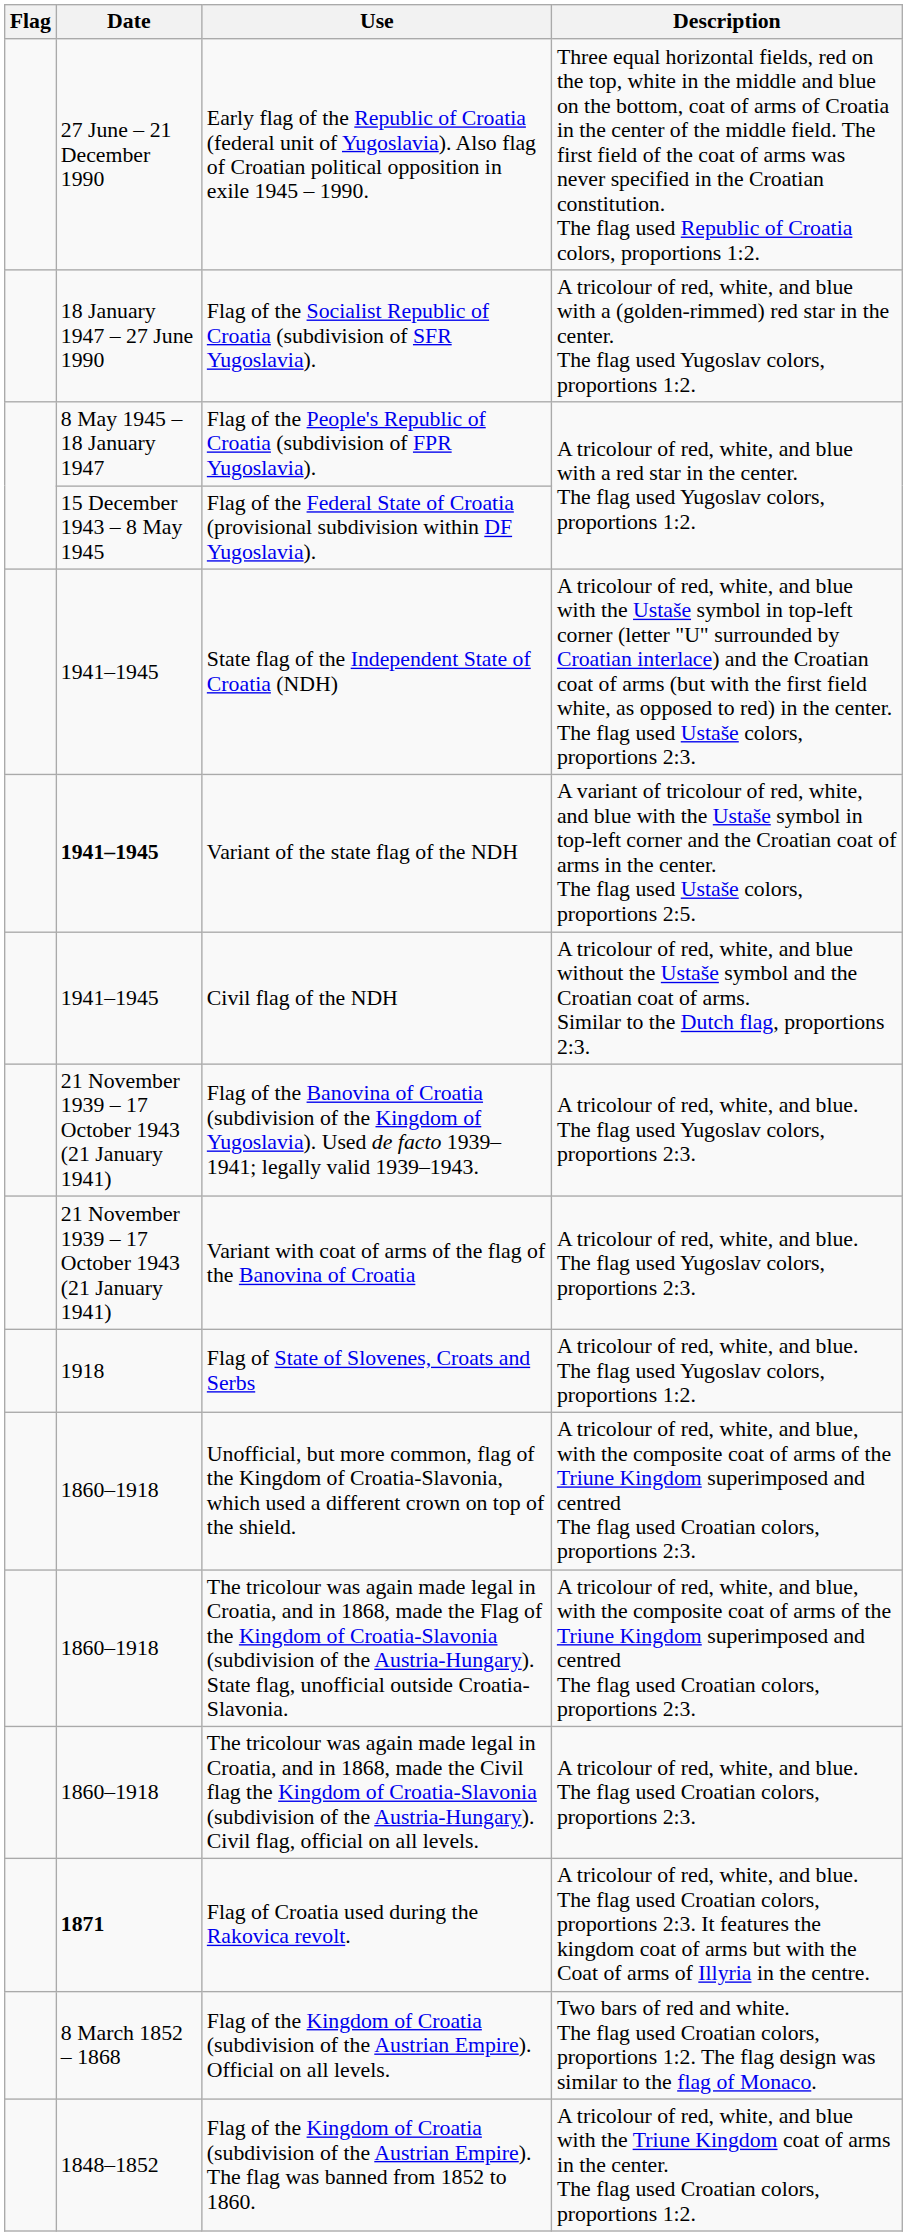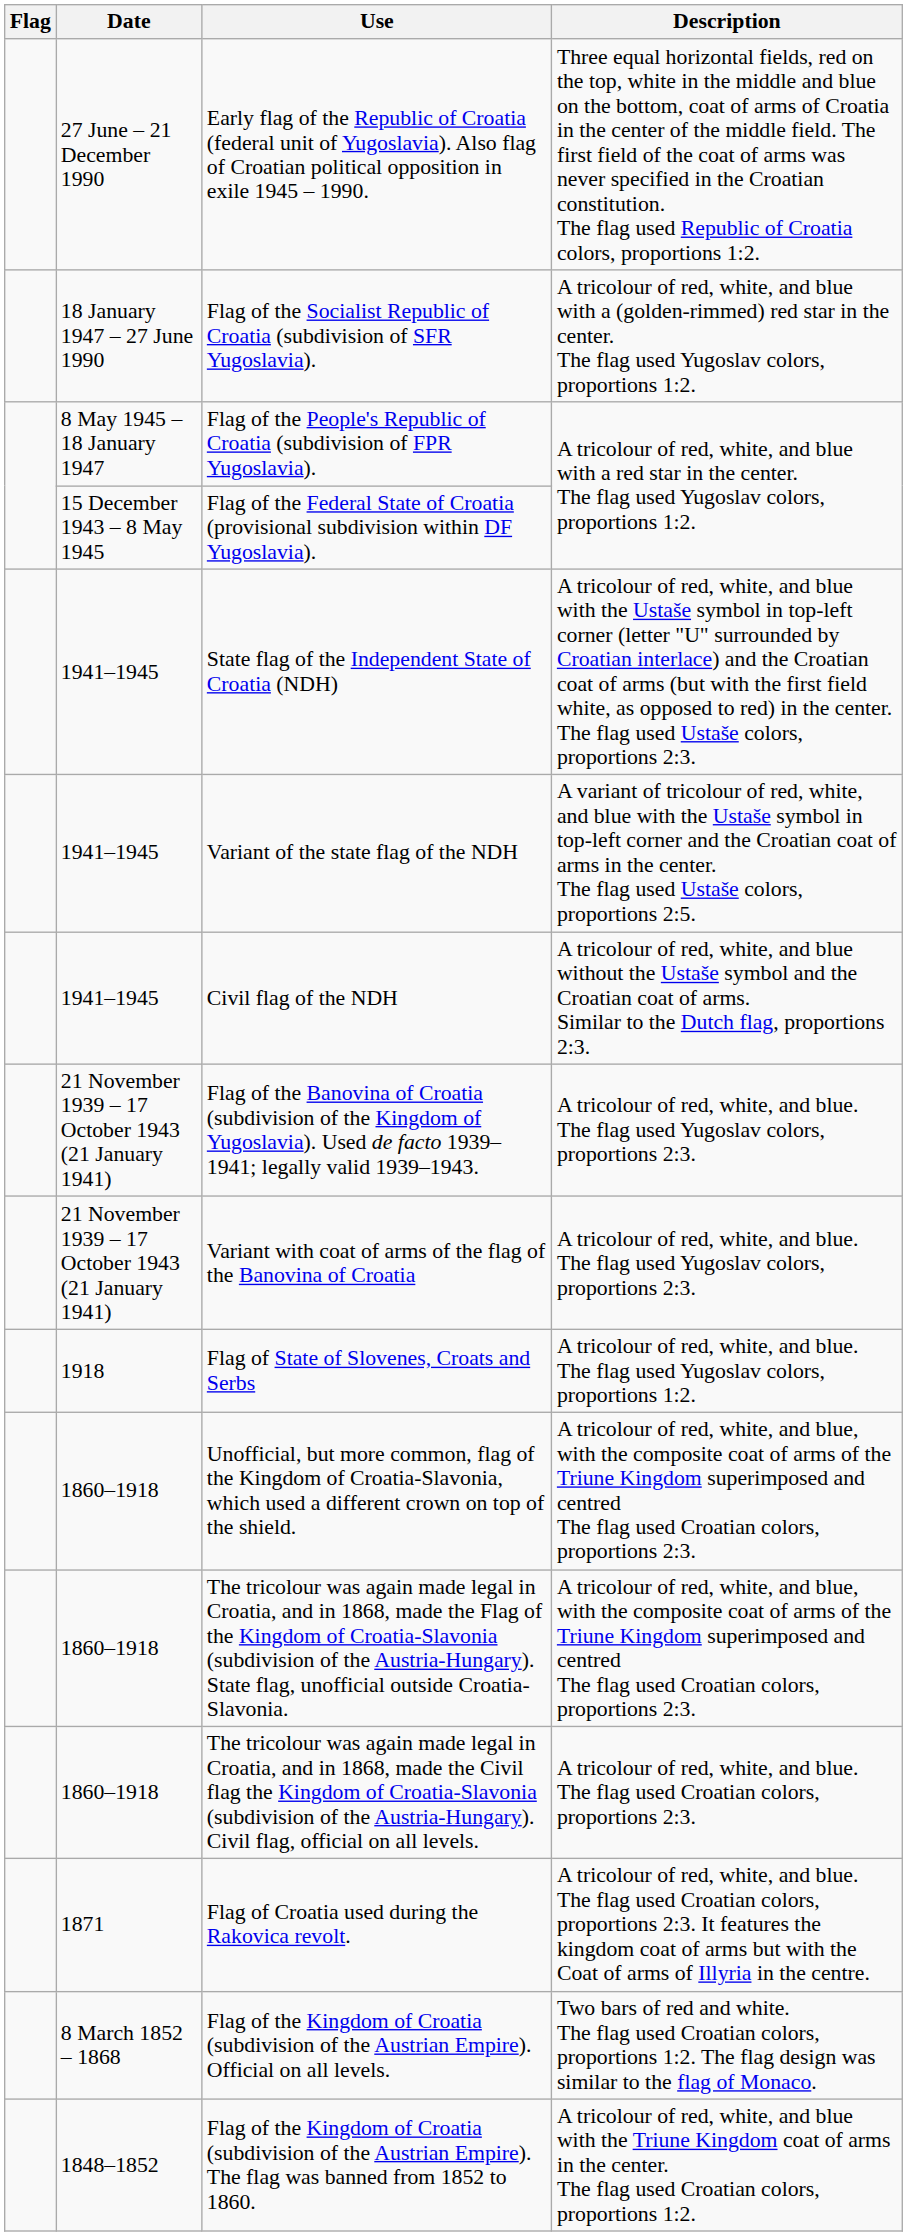 <table class="wikitable">
 <tr>
 <th>Flag</th>
 <th style="width:100px;">Date</th>
 <th style="width:250px;">Use</th>
 <th style="width:250px;">Description</th>
 </tr>
 <tr>
 <td> <br> </td>
 <td>27 June – 21 December 1990</td>
 <td>Early flag of the <a href='#'>Republic of Croatia</a> (federal unit of <a href='#'>Yugoslavia</a>). Also flag of Croatian political opposition in exile 1945 – 1990.</td>
 <td>Three equal horizontal fields, red on the top, white in the middle and blue on the bottom, coat of arms of Croatia in the center of the middle field. The first field of the coat of arms was never specified in the Croatian constitution.<br>The flag used <a href='#'>Republic of Croatia</a> colors, proportions 1:2.</td>
 </tr>
 <tr>
 <td></td>
 <td>18 January 1947 – 27 June 1990</td>
 <td>Flag of the <a href='#'>Socialist Republic of Croatia</a> (subdivision of <a href='#'>SFR Yugoslavia</a>).</td>
 <td>A tricolour of red, white, and blue with a (golden-rimmed) red star in the center.<br>The flag used Yugoslav colors, proportions 1:2.</td>
 </tr>
 <tr>
 <td rowspan="2"></td>
 <td>8 May 1945 – 18 January 1947</td>
 <td>Flag of the <a href='#'>People's Republic of Croatia</a> (subdivision of <a href='#'>FPR Yugoslavia</a>).</td>
 <td rowspan="2">A tricolour of red, white, and blue with a red star in the center. <br> The flag used Yugoslav colors, proportions 1:2.</td>
 </tr>
 <tr>
 <td>15 December 1943 – 8 May 1945</td>
 <td>Flag of the <a href='#'>Federal State of Croatia</a> (provisional subdivision within <a href='#'>DF Yugoslavia</a>).</td>
 </tr>
 <tr>
 <td></td>
 <td>1941–1945</td>
 <td>State flag of the <a href='#'>Independent State of Croatia</a> (NDH)</td>
 <td>A tricolour of red, white, and blue with the <a href='#'>Ustaše</a> symbol in top-left corner (letter "U" surrounded by <a href='#'>Croatian interlace</a>) and the Croatian coat of arms (but with the first field white, as opposed to red) in the center.<br>The flag used <a href='#'>Ustaše</a> colors, proportions 2:3.</td>
 </tr>
 <tr>
 <td></td>
-<td><strong>1941–1945</strong></td>
+<td>1941–1945</td>
 <td>Variant of the state flag of the NDH</td>
 <td>A variant of tricolour of red, white, and blue with the <a href='#'>Ustaše</a> symbol in top-left corner and the Croatian coat of arms in the center.<br>The flag used <a href='#'>Ustaše</a> colors, proportions 2:5.</td>
 </tr>
 <tr>
 <td></td>
 <td>1941–1945</td>
 <td>Civil flag of the NDH</td>
 <td>A tricolour of red, white, and blue without the <a href='#'>Ustaše</a> symbol and the Croatian coat of arms.<br>Similar to the <a href='#'>Dutch flag</a>, proportions 2:3.</td>
 </tr>
 <tr>
 <td></td>
 <td>21 November 1939 – 17 October 1943 (21 January 1941)</td>
 <td>Flag of the <a href='#'>Banovina of Croatia</a> (subdivision of the <a href='#'>Kingdom of Yugoslavia</a>). Used <em>de facto</em> 1939–1941; legally valid 1939–1943.</td>
 <td>A tricolour of red, white, and blue.<br>The flag used Yugoslav colors, proportions 2:3.</td>
 </tr>
 <tr>
 <td></td>
 <td>21 November 1939 – 17 October 1943 (21 January 1941)</td>
 <td>Variant with coat of arms of the flag of the <a href='#'>Banovina of Croatia</a></td>
 <td>A tricolour of red, white, and blue.<br>The flag used Yugoslav colors, proportions 2:3.</td>
 </tr>
 <tr>
 <td></td>
 <td>1918</td>
 <td>Flag of <a href='#'>State of Slovenes, Croats and Serbs</a></td>
 <td>A tricolour of red, white, and blue.<br>The flag used Yugoslav colors, proportions 1:2.</td>
 </tr>
 <tr>
 <td></td>
 <td>1860–1918</td>
 <td>Unofficial, but more common, flag of the Kingdom of Croatia-Slavonia, which used a different crown on top of the shield.</td>
 <td>A tricolour of red, white, and blue, with the composite coat of arms of the <a href='#'>Triune Kingdom</a> superimposed and centred<br>The flag used Croatian colors, proportions 2:3.</td>
 </tr>
 <tr>
 <td></td>
 <td>1860–1918</td>
 <td>The tricolour was again made legal in Croatia, and in 1868, made the Flag of the <a href='#'>Kingdom of Croatia-Slavonia</a> (subdivision of the <a href='#'>Austria-Hungary</a>). State flag, unofficial outside Croatia-Slavonia.</td>
 <td>A tricolour of red, white, and blue, with the composite coat of arms of the <a href='#'>Triune Kingdom</a> superimposed and centred<br>The flag used Croatian colors, proportions 2:3.</td>
 </tr>
 <tr>
 <td></td>
 <td>1860–1918</td>
 <td>The tricolour was again made legal in Croatia, and in 1868, made the Civil flag the <a href='#'>Kingdom of Croatia-Slavonia</a> (subdivision of the <a href='#'>Austria-Hungary</a>). Civil flag, official on all levels.</td>
 <td>A tricolour of red, white, and blue. <br> The flag used Croatian colors, proportions 2:3.</td>
 </tr>
 <tr>
 <td></td>
-<td><strong>1871</strong></td>
+<td>1871</td>
 <td>Flag of Croatia used during the <a href='#'>Rakovica revolt</a>.</td>
 <td>A tricolour of red, white, and blue. <br> The flag used Croatian colors, proportions 2:3. It features the kingdom coat of arms but with the Coat of arms of <a href='#'>Illyria</a> in the centre.</td>
 </tr>
 <tr>
 <td></td>
 <td>8 March 1852 – 1868</td>
 <td>Flag of the <a href='#'>Kingdom of Croatia</a> (subdivision of the <a href='#'>Austrian Empire</a>). Official on all levels.</td>
 <td>Two bars of red and white.<br>The flag used Croatian colors, proportions 1:2. The flag design was similar to the <a href='#'>flag of Monaco</a>.</td>
 </tr>
 <tr>
 <td></td>
 <td>1848–1852</td>
 <td>Flag of the <a href='#'>Kingdom of Croatia</a> (subdivision of the <a href='#'>Austrian Empire</a>). The flag was banned from 1852 to 1860.</td>
 <td>A tricolour of red, white, and blue with the <a href='#'>Triune Kingdom</a> coat of arms in the center. <br> The flag used Croatian colors, proportions 1:2.</td>
 </tr>
 </table>
